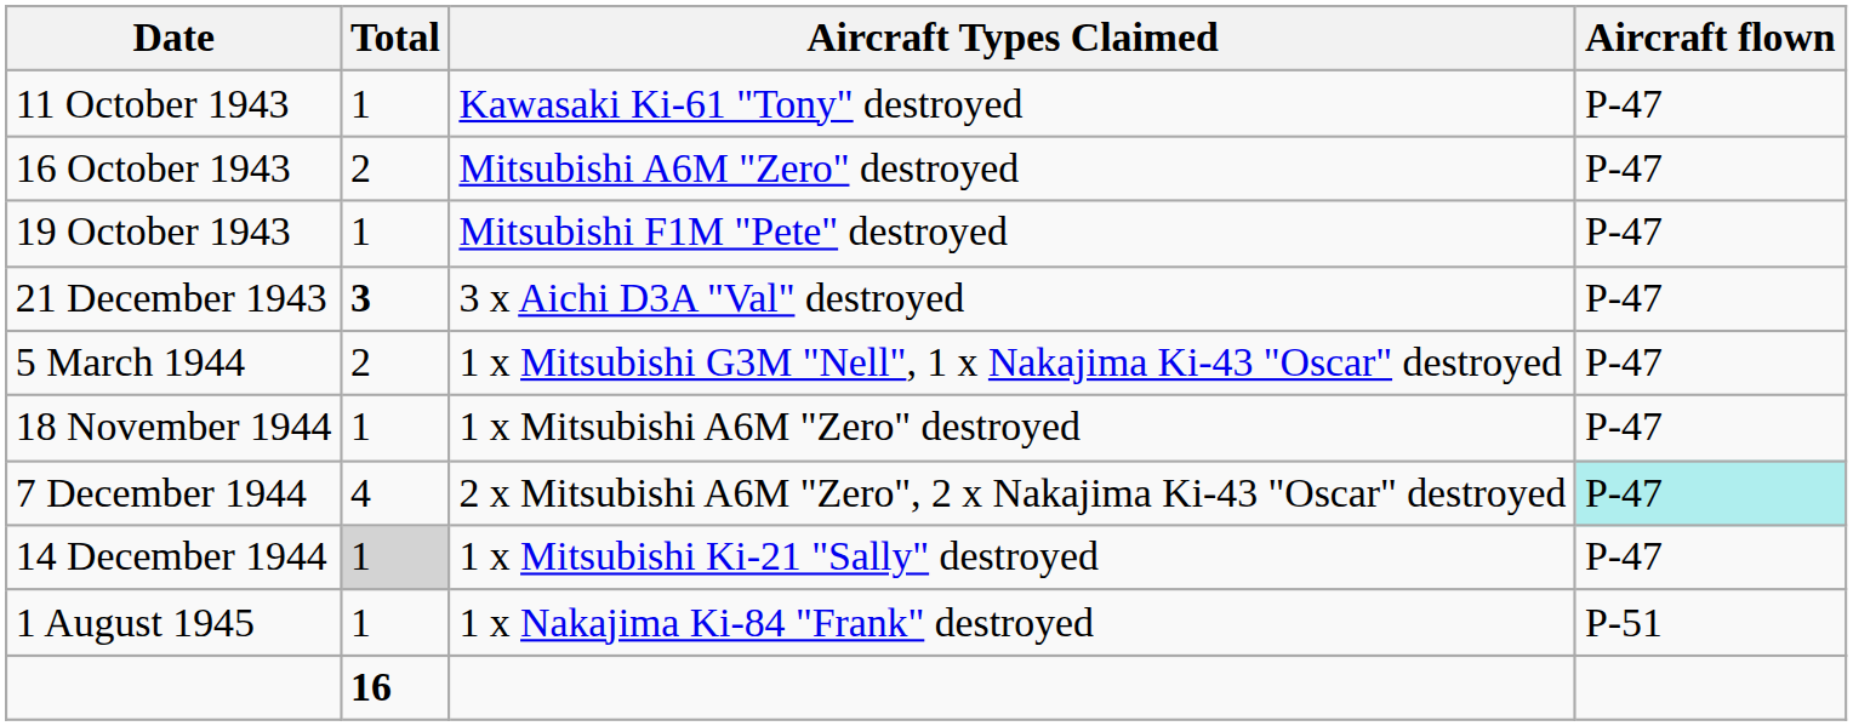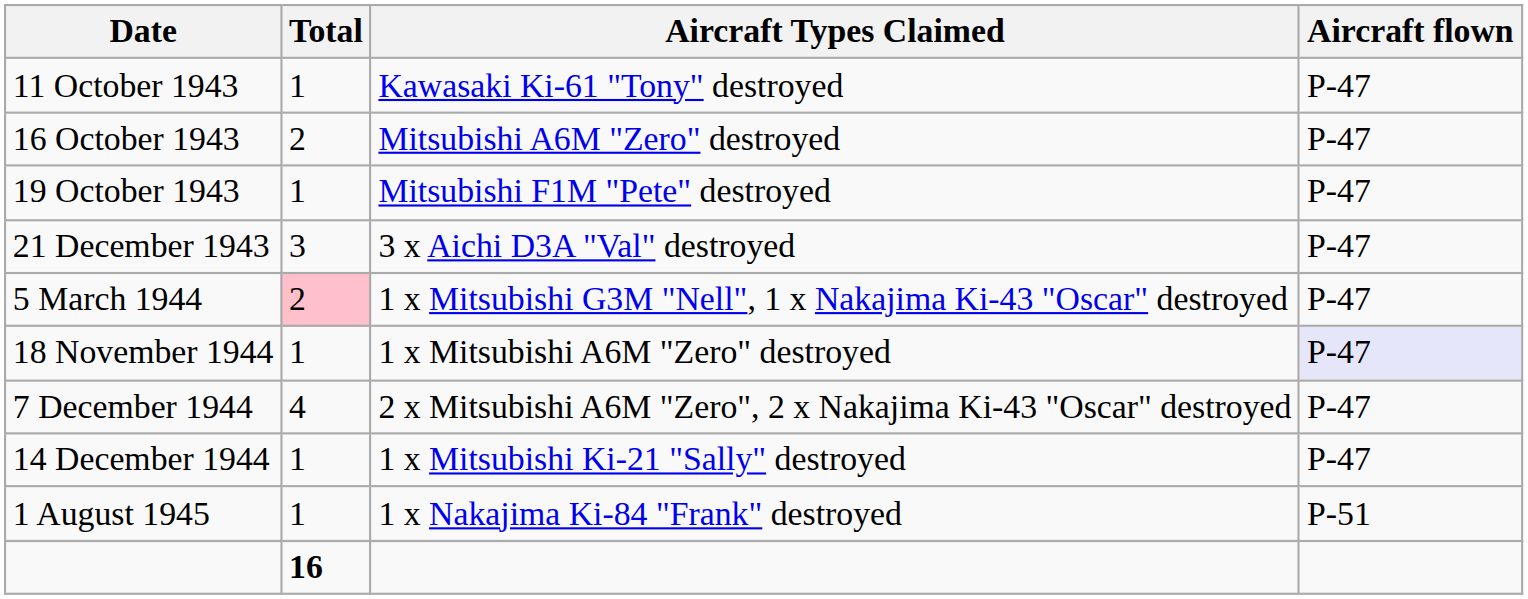 <table class="wikitable">
 <tr>
 <th>Date</th>
 <th>Total</th>
 <th>Aircraft Types Claimed</th>
 <th>Aircraft flown</th>
 </tr>
 <tr>
 <td>11 October 1943</td>
 <td>1</td>
 <td><a href='#'>Kawasaki Ki-61 "Tony"</a> destroyed</td>
 <td>P-47</td>
 </tr>
 <tr>
 <td>16 October 1943</td>
 <td>2</td>
 <td><a href='#'>Mitsubishi A6M "Zero"</a> destroyed</td>
 <td>P-47</td>
 </tr>
 <tr>
 <td>19 October 1943</td>
 <td>1</td>
 <td><a href='#'>Mitsubishi F1M "Pete"</a> destroyed</td>
 <td>P-47</td>
 </tr>
 <tr>
 <td>21 December 1943</td>
-<td><strong>3</strong></td>
+<td>3</td>
 <td>3 x <a href='#'>Aichi D3A "Val"</a> destroyed</td>
 <td>P-47</td>
 </tr>
 <tr>
 <td>5 March 1944</td>
-<td>2</td>
+<td style="background: pink;">2</td>
 <td>1 x <a href='#'>Mitsubishi G3M "Nell"</a>, 1 x <a href='#'>Nakajima Ki-43 "Oscar"</a> destroyed</td>
 <td>P-47</td>
 </tr>
 <tr>
 <td>18 November 1944</td>
 <td>1</td>
 <td>1 x Mitsubishi A6M "Zero" destroyed</td>
-<td>P-47</td>
+<td style="background: lavender;">P-47</td>
 </tr>
 <tr>
 <td>7 December 1944</td>
 <td>4</td>
 <td>2 x Mitsubishi A6M "Zero", 2 x Nakajima Ki-43 "Oscar" destroyed</td>
-<td style="background: paleturquoise;">P-47</td>
+<td>P-47</td>
 </tr>
 <tr>
 <td>14 December 1944</td>
-<td style="background: lightgrey;">1</td>
+<td>1</td>
 <td>1 x <a href='#'>Mitsubishi Ki-21 "Sally"</a> destroyed</td>
 <td>P-47</td>
 </tr>
 <tr>
 <td>1 August 1945</td>
 <td>1</td>
 <td>1 x <a href='#'>Nakajima Ki-84 "Frank"</a> destroyed</td>
 <td>P-51</td>
 </tr>
 <tr>
 </tr>
 <tr |->
 <td></td>
 <td><strong>16</strong></td>
 <td></td>
 </tr>
 </table>
